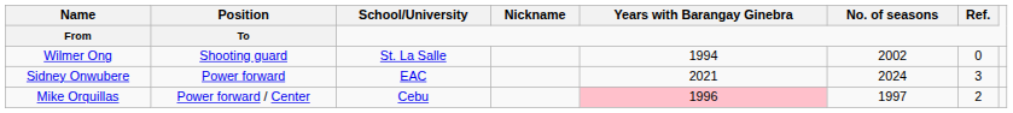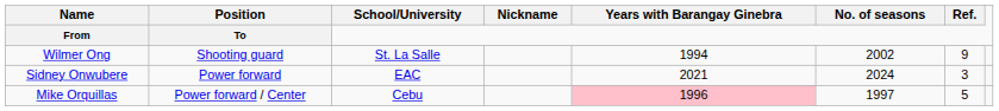 <table class="wikitable sortable" style="text-align:center" width="98%">
 <tr>
 <th>Name</th>
 <th>Position</th>
 <th>School/University</th>
 <th>Nickname</th>
 <th>Years with Barangay Ginebra</th>
 <th>No. of seasons</th>
 <th>Ref.</th>
 </tr>
 <tr>
 <th><small>From</small></th>
 <th><small>To</small></th>
 </tr>
 <tr>
 <td><a href='#'>Wilmer Ong</a></td>
 <td><a href='#'>Shooting guard</a></td>
 <td><a href='#'>St. La Salle</a></td>
 <td></td>
 <td>1994</td>
 <td>2002</td>
-<td>0</td>
+<td>9</td>
 <td></td>
 </tr>
 <tr>
 <td><a href='#'>Sidney Onwubere</a></td>
 <td><a href='#'>Power forward</a></td>
 <td><a href='#'>EAC</a></td>
 <td></td>
 <td>2021</td>
 <td>2024</td>
 <td>3</td>
 <td></td>
 </tr>
 <tr>
 <td><a href='#'>Mike Orquillas</a></td>
 <td><a href='#'>Power forward</a> / <a href='#'>Center</a></td>
 <td><a href='#'>Cebu</a></td>
 <td></td>
 <td style="background: pink;">1996</td>
 <td>1997</td>
-<td>2</td>
+<td>5</td>
 <td></td>
 </tr>
 </table>
